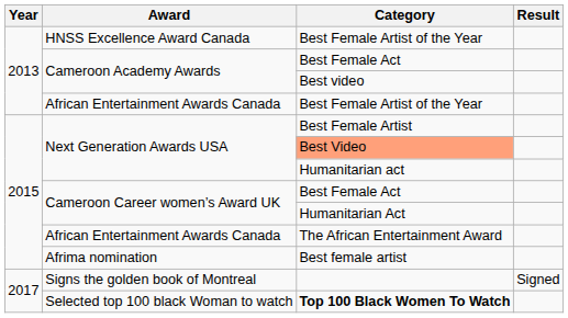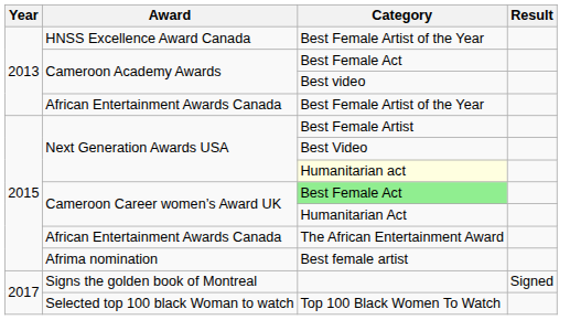 <table class="wikitable">
 <tr>
 <th>Year</th>
 <th>Award</th>
 <th>Category</th>
 <th>Result</th>
 </tr>
 <tr>
 <td rowspan="4">2013</td>
 <td>HNSS Excellence Award Canada</td>
 <td>Best Female Artist of the Year</td>
 <td></td>
 </tr>
 <tr>
 <td rowspan="2">Cameroon Academy Awards</td>
 <td>Best Female  Act</td>
 <td></td>
 </tr>
 <tr>
 <td>Best video</td>
 <td></td>
 </tr>
 <tr>
 <td>African Entertainment Awards Canada</td>
 <td>Best Female Artist of the Year</td>
 <td></td>
 </tr>
 <tr>
 <td rowspan="7">2015</td>
 <td rowspan="3">Next Generation Awards USA</td>
 <td>Best Female Artist</td>
 <td></td>
 </tr>
 <tr>
-<td style="background: lightsalmon;">Best Video</td>
+<td>Best Video</td>
 <td></td>
 </tr>
 <tr>
-<td>Humanitarian act</td>
+<td style="background: lightyellow;">Humanitarian act</td>
 <td></td>
 </tr>
 <tr>
 <td rowspan="2">Cameroon Career women’s Award UK</td>
-<td>Best Female Act</td>
+<td style="background: lightgreen;">Best Female Act</td>
 <td></td>
 </tr>
 <tr>
 <td>Humanitarian Act</td>
 <td></td>
 </tr>
 <tr>
 <td>African Entertainment Awards Canada</td>
 <td>The African Entertainment Award</td>
 <td></td>
 </tr>
 <tr>
 <td>Afrima nomination</td>
 <td>Best female artist</td>
 <td></td>
 </tr>
 <tr>
 <td rowspan="2">2017</td>
 <td>Signs the golden book of Montreal</td>
 <td></td>
 <td>Signed</td>
 </tr>
 <tr>
 <td>Selected top 100 black Woman to watch</td>
-<td><strong>Top 100 Black Women To Watch</strong></td>
+<td>Top 100 Black Women To Watch</td>
 <td></td>
 </tr>
 </table>
